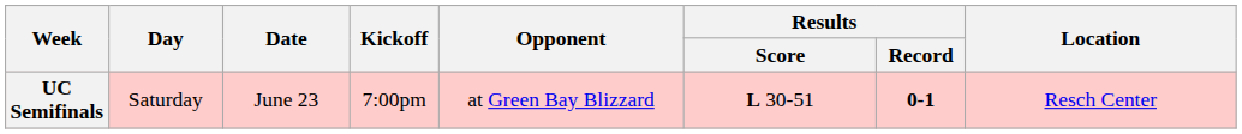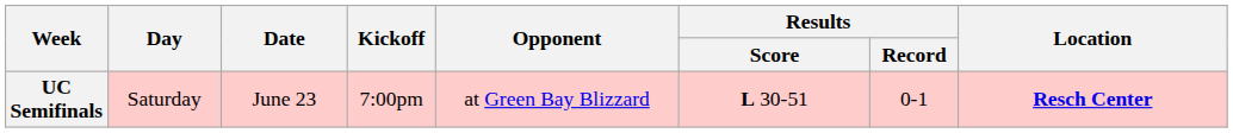 <table class="wikitable">
 <tr>
 <th rowspan="2" width="40">Week</th>
 <th rowspan="2" width="80">Day</th>
 <th rowspan="2" width="90">Date</th>
 <th rowspan="2" width="60">Kickoff</th>
 <th rowspan="2" width="180">Opponent</th>
 <th colspan="2" width="200">Results</th>
 <th rowspan="2" width="200">Location</th>
 </tr>
 <tr>
 <th width="140">Score</th>
 <th width="60">Record</th>
 </tr>
 <tr align="center" bgcolor="#FFCCCC">
 <th>UC Semifinals</th>
 <td>Saturday</td>
 <td>June 23</td>
 <td>7:00pm</td>
 <td>at <a href='#'>Green Bay Blizzard</a></td>
 <td><strong>L</strong> 30-51</td>
-<td><strong>0-1</strong></td>
-<td><a href='#'>Resch Center</a></td>
+<td>0-1</td>
+<td><strong><a href='#'>Resch Center</a></strong></td>
 </tr>
 </table>
